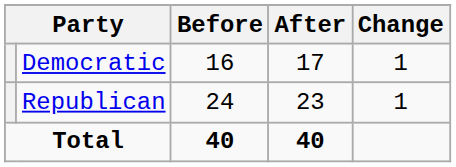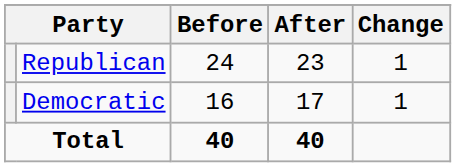 <table class="wikitable" style="text-align:center;">
 <tr>
 </tr>
 <tr>
 <th colspan=2>Party</th>
 <th>Before</th>
 <th>After</th>
 <th>Change</th>
 </tr>
 <tr>
 <th style="background-color:"></th>
-<td style="text-align:left;"><a href='#'>Democratic</a></td>
-<td>16</td>
-<td>17</td>
+<td style="text-align:left;"><a href='#'>Republican</a></td>
+<td>24</td>
+<td>23</td>
 <td> 1</td>
 </tr>
 <tr>
 <th style="background-color:"></th>
-<td style="text-align:left;"><a href='#'>Republican</a></td>
-<td>24</td>
-<td>23</td>
+<td style="text-align:left;"><a href='#'>Democratic</a></td>
+<td>16</td>
+<td>17</td>
 <td> 1</td>
 </tr>
 <tr>
 <td colspan=2><strong>Total</strong></td>
 <td><strong>40</strong></td>
 <td><strong>40</strong></td>
 <td></td>
 </tr>
 </table>
